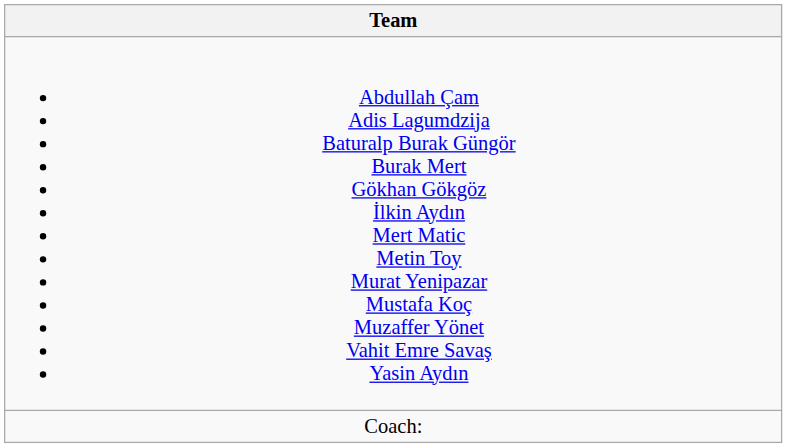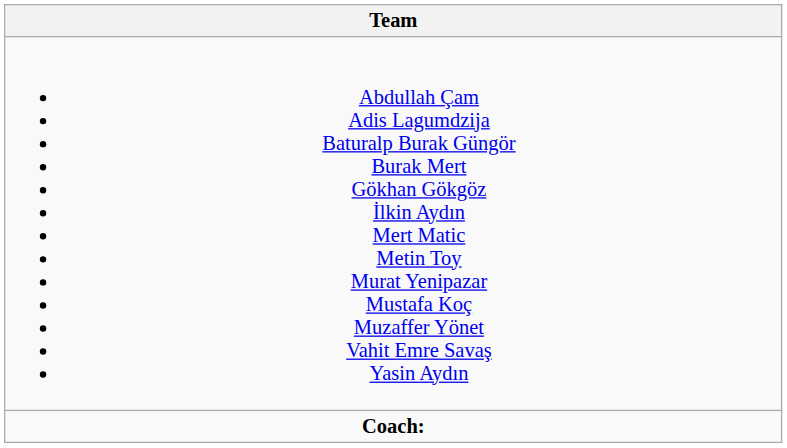 <table class="wikitable" style="text-align: center;">
 <tr>
 <th width=600>Team</th>
 </tr>
 <tr>
 <td><br><ul><li><a href='#'>Abdullah Çam</a></li><li><a href='#'>Adis Lagumdzija</a></li><li><a href='#'>Baturalp Burak Güngör</a></li><li><a href='#'>Burak Mert</a></li><li><a href='#'>Gökhan Gökgöz</a></li><li><a href='#'>İlkin Aydın</a></li><li><a href='#'>Mert Matic</a></li><li><a href='#'>Metin Toy</a></li><li><a href='#'>Murat Yenipazar</a></li><li><a href='#'>Mustafa Koç</a></li><li><a href='#'>Muzaffer Yönet</a></li><li><a href='#'>Vahit Emre Savaş</a></li><li><a href='#'>Yasin Aydın</a></li></ul></td>
 </tr>
 <tr>
-<td>Coach:</td>
+<td><strong>Coach:</strong></td>
 </tr>
 </table>
